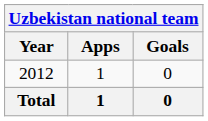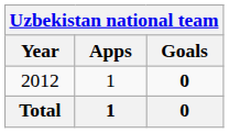 <table class="wikitable" style="text-align:center">
 <tr>
 <th colspan=3><a href='#'>Uzbekistan national team</a></th>
 </tr>
 <tr>
 <th>Year</th>
 <th>Apps</th>
 <th>Goals</th>
 </tr>
 <tr>
 <td>2012</td>
 <td>1</td>
-<td>0</td>
+<td><strong>0</strong></td>
 </tr>
 <tr>
 <th>Total</th>
 <th>1</th>
 <th>0</th>
 </tr>
 </table>
